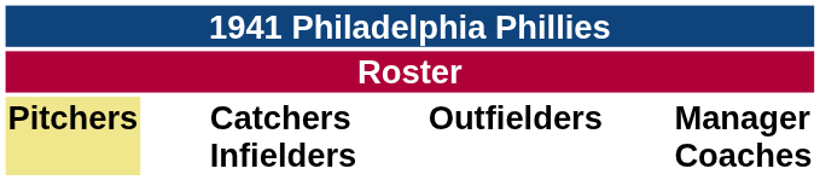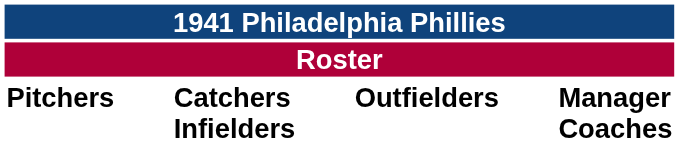 <table class="toccolours" style="font-size: 95%;">
 <tr>
 <th colspan="10" style="background-color: #0f437c; color: white; text-align: center;">1941 Philadelphia Phillies</th>
 </tr>
 <tr>
 <td colspan="10" style="background-color: #af0039; color: white; text-align: center;"><strong>Roster</strong></td>
 </tr>
 <tr>
-<td valign="top" style="background: khaki;"><strong>Pitchers</strong><br>               </td>
+<td valign="top"><strong>Pitchers</strong><br>               </td>
 <td width="25px"></td>
 <td valign="top"><strong>Catchers</strong><br>   <strong>Infielders</strong>        </td>
 <td width="25px"></td>
 <td valign="top"><strong>Outfielders</strong><br>      </td>
 <td width="25px"></td>
 <td valign="top"><strong>Manager</strong><br> <strong>Coaches</strong>  </td>
 </tr>
 </table>
